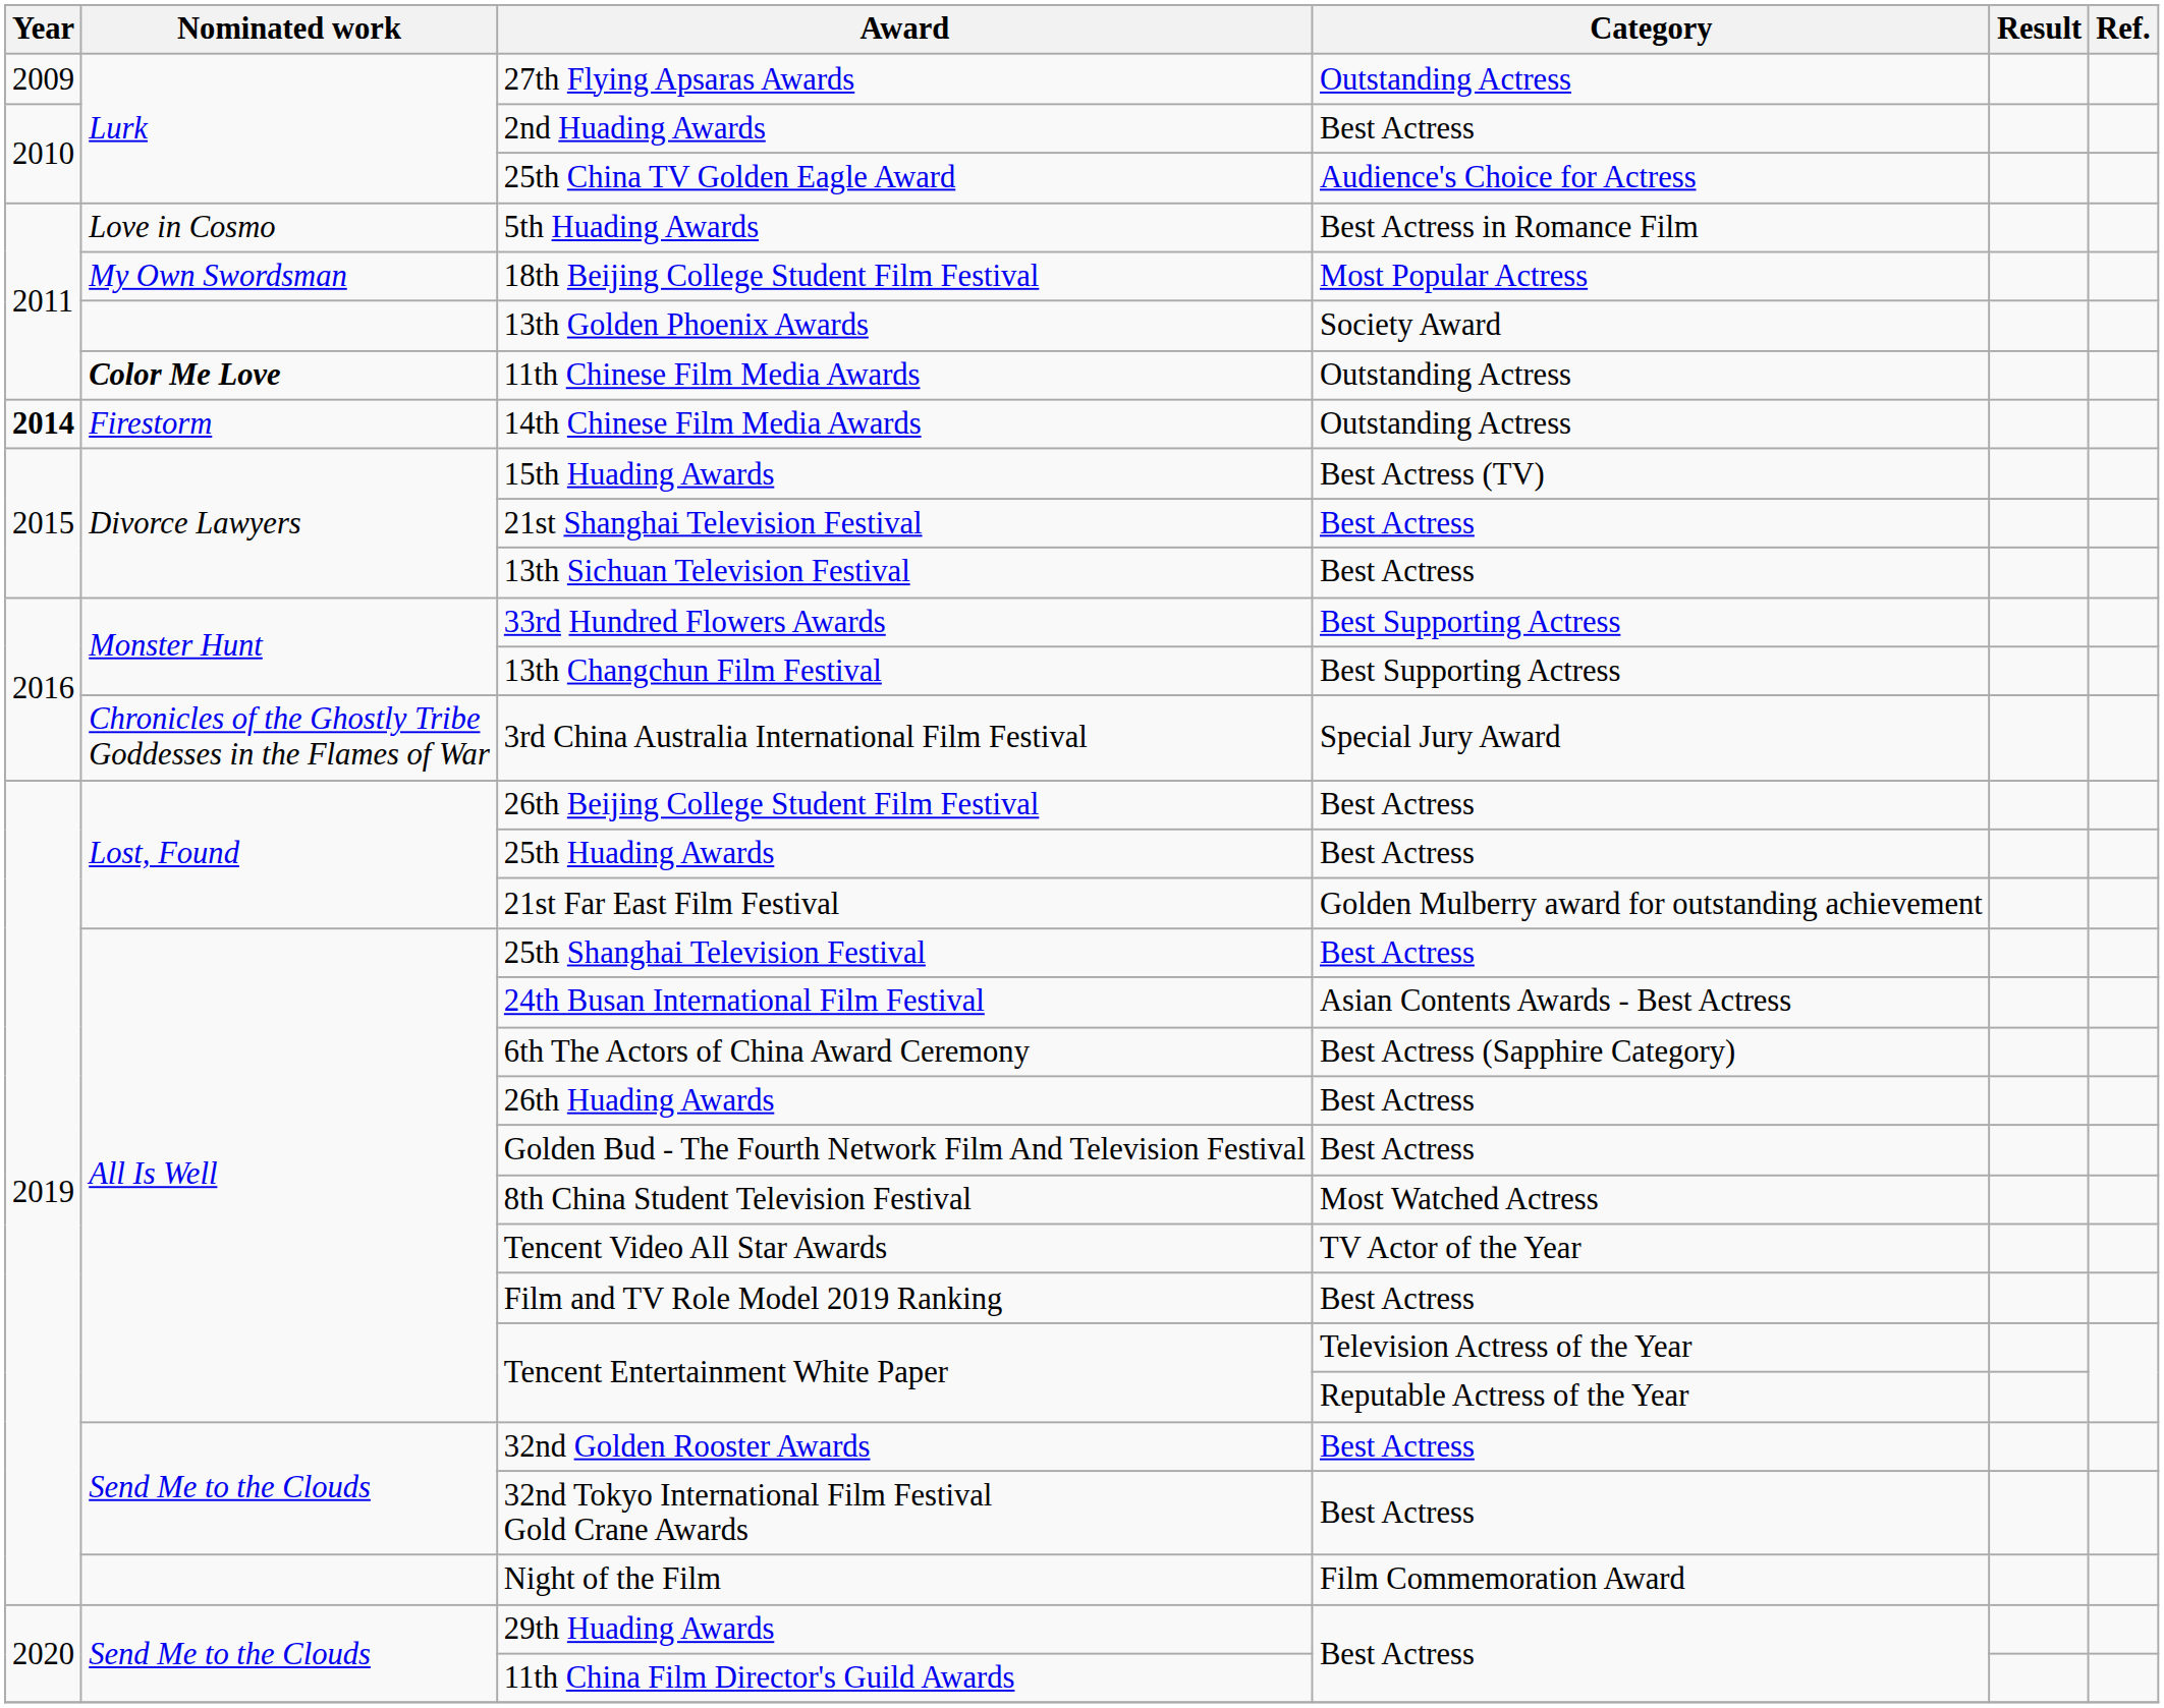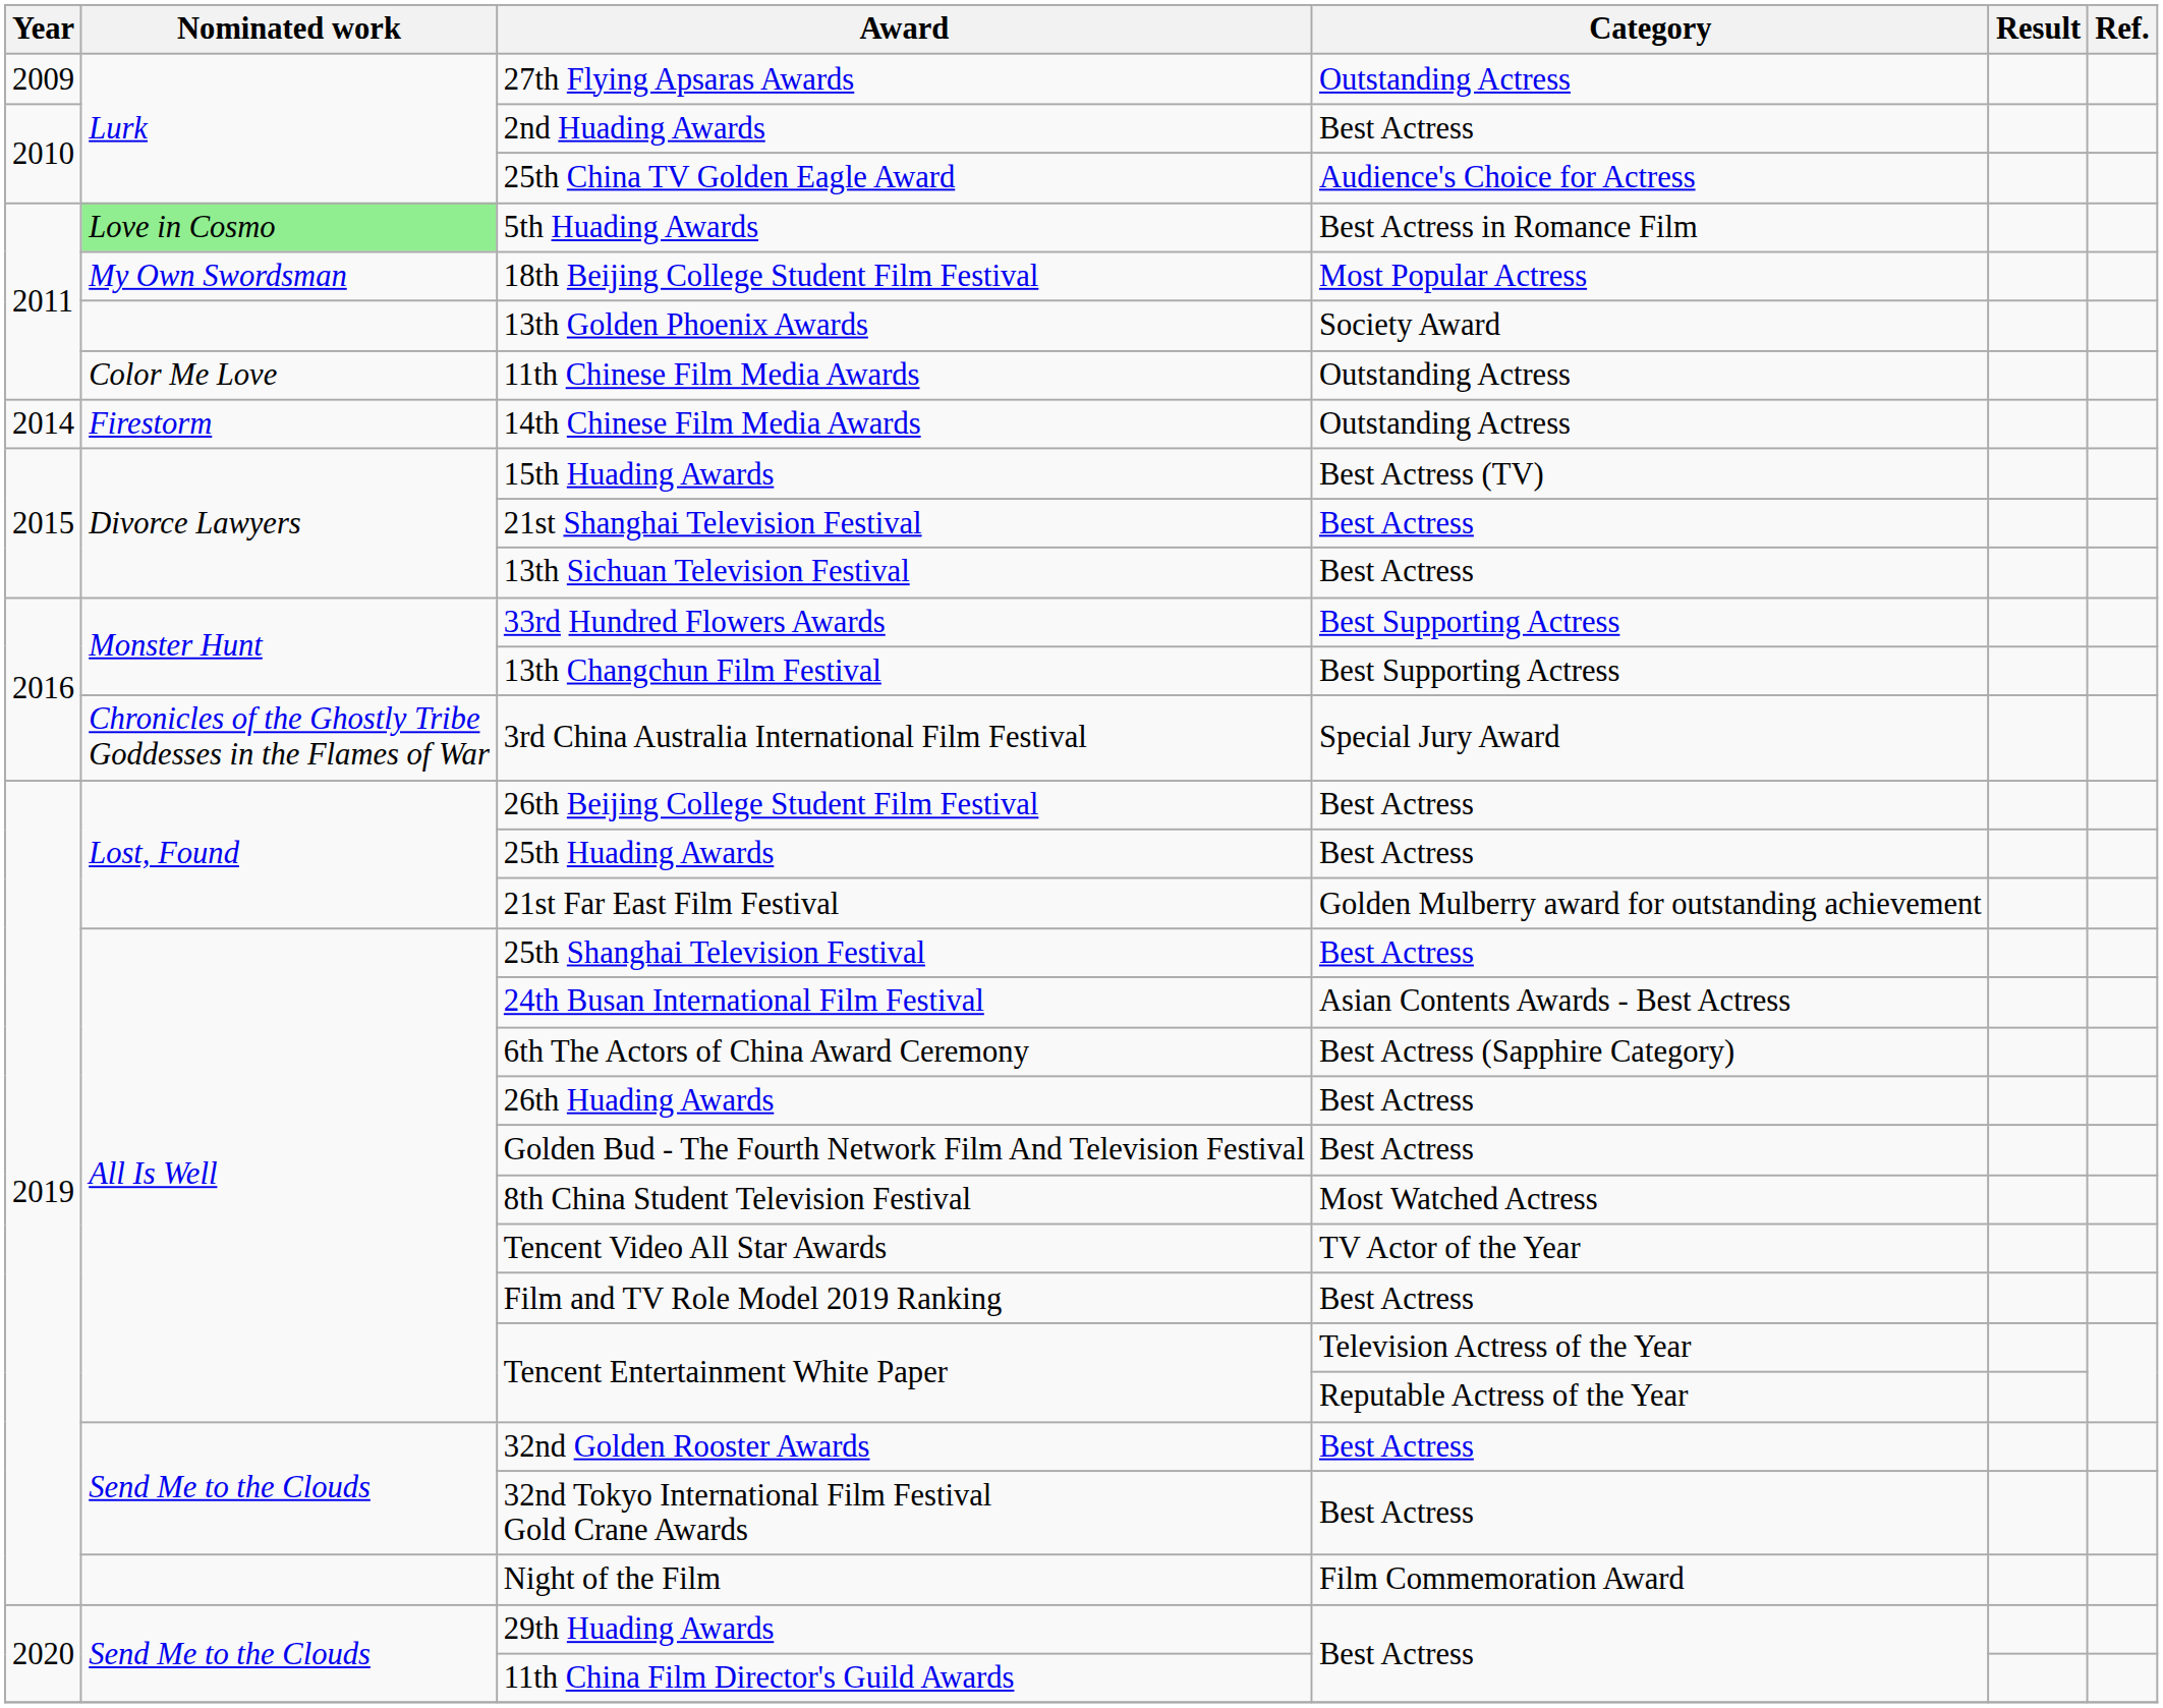 <table class="wikitable sortable">
 <tr>
 <th>Year</th>
 <th>Nominated work</th>
 <th>Award</th>
 <th>Category</th>
 <th>Result</th>
 <th>Ref.</th>
 </tr>
 <tr>
 <td>2009</td>
 <td rowspan=3><em><a href='#'>Lurk</a></em></td>
 <td>27th <a href='#'>Flying Apsaras Awards</a></td>
 <td><a href='#'>Outstanding Actress</a></td>
 <td></td>
 <td></td>
 </tr>
 <tr>
 <td rowspan=2>2010</td>
 <td>2nd <a href='#'>Huading Awards</a></td>
 <td>Best Actress</td>
 <td></td>
 <td></td>
 </tr>
 <tr>
 <td>25th <a href='#'>China TV Golden Eagle Award</a></td>
 <td><a href='#'>Audience's Choice for Actress</a></td>
 <td></td>
 <td></td>
 </tr>
 <tr>
 <td rowspan=4>2011</td>
-<td><em>Love in Cosmo</em></td>
+<td style="background: lightgreen;"><em>Love in Cosmo</em></td>
 <td>5th <a href='#'>Huading Awards</a></td>
 <td>Best Actress in Romance Film</td>
 <td></td>
 <td></td>
 </tr>
 <tr>
 <td><em><a href='#'>My Own Swordsman</a></em></td>
 <td>18th <a href='#'>Beijing College Student Film Festival</a></td>
 <td><a href='#'>Most Popular Actress</a></td>
 <td></td>
 <td></td>
 </tr>
 <tr>
 <td></td>
 <td>13th <a href='#'>Golden Phoenix Awards</a></td>
 <td>Society Award</td>
 <td></td>
 <td></td>
 </tr>
 <tr>
-<td><strong><em>Color Me Love</em></strong></td>
+<td><em>Color Me Love</em></td>
 <td>11th <a href='#'>Chinese Film Media Awards</a></td>
 <td>Outstanding Actress</td>
 <td></td>
 <td></td>
 </tr>
 <tr>
-<td><strong>2014</strong></td>
+<td>2014</td>
 <td><em><a href='#'>Firestorm</a></em></td>
 <td>14th <a href='#'>Chinese Film Media Awards</a></td>
 <td>Outstanding Actress</td>
 <td></td>
 <td></td>
 </tr>
 <tr>
 <td rowspan=3>2015</td>
 <td rowspan=3><em>Divorce Lawyers</em></td>
 <td>15th <a href='#'>Huading Awards</a></td>
 <td>Best Actress (TV)</td>
 <td></td>
 <td></td>
 </tr>
 <tr>
 <td>21st <a href='#'>Shanghai Television Festival</a></td>
 <td><a href='#'>Best Actress</a></td>
 <td></td>
 <td></td>
 </tr>
 <tr>
 <td>13th <a href='#'>Sichuan Television Festival</a></td>
 <td>Best Actress</td>
 <td></td>
 <td></td>
 </tr>
 <tr>
 <td rowspan=3>2016</td>
 <td rowspan=2><em><a href='#'>Monster Hunt</a></em></td>
 <td><a href='#'>33rd</a> <a href='#'>Hundred Flowers Awards</a></td>
 <td><a href='#'>Best Supporting Actress</a></td>
 <td></td>
 <td></td>
 </tr>
 <tr>
 <td>13th <a href='#'>Changchun Film Festival</a></td>
 <td>Best Supporting Actress</td>
 <td></td>
 <td></td>
 </tr>
 <tr>
 <td><em><a href='#'>Chronicles of the Ghostly Tribe</a></em><br> <em>Goddesses in the Flames of War</em></td>
 <td>3rd China Australia International Film Festival</td>
 <td>Special Jury Award</td>
 <td></td>
 <td></td>
 </tr>
 <tr>
 <td rowspan=16>2019</td>
 <td rowspan=3><em><a href='#'>Lost, Found</a></em></td>
 <td>26th <a href='#'>Beijing College Student Film Festival</a></td>
 <td>Best Actress</td>
 <td></td>
 <td></td>
 </tr>
 <tr>
 <td>25th <a href='#'>Huading Awards</a></td>
 <td>Best Actress</td>
 <td></td>
 <td></td>
 </tr>
 <tr>
 <td>21st Far East Film Festival</td>
 <td>Golden Mulberry award for outstanding achievement</td>
 <td></td>
 <td></td>
 </tr>
 <tr>
 <td rowspan=10><em><a href='#'>All Is Well</a></em></td>
 <td>25th <a href='#'>Shanghai Television Festival</a></td>
 <td><a href='#'>Best Actress</a></td>
 <td></td>
 <td></td>
 </tr>
 <tr>
 <td><a href='#'>24th Busan International Film Festival</a></td>
 <td>Asian Contents Awards - Best Actress</td>
 <td></td>
 <td></td>
 </tr>
 <tr>
 <td>6th The Actors of China Award Ceremony</td>
 <td>Best Actress (Sapphire Category)</td>
 <td></td>
 <td></td>
 </tr>
 <tr>
 <td>26th <a href='#'>Huading Awards</a></td>
 <td>Best Actress</td>
 <td></td>
 <td></td>
 </tr>
 <tr>
 <td>Golden Bud - The Fourth Network Film And Television Festival</td>
 <td>Best Actress</td>
 <td></td>
 <td></td>
 </tr>
 <tr>
 <td>8th China Student Television Festival</td>
 <td>Most Watched Actress</td>
 <td></td>
 <td></td>
 </tr>
 <tr>
 <td>Tencent Video All Star Awards</td>
 <td>TV Actor of the Year</td>
 <td></td>
 <td></td>
 </tr>
 <tr>
 <td>Film and TV Role Model 2019 Ranking</td>
 <td>Best Actress</td>
 <td></td>
 <td></td>
 </tr>
 <tr>
 <td rowspan=2>Tencent Entertainment White Paper</td>
 <td>Television Actress of the Year</td>
 <td></td>
 <td rowspan=2></td>
 </tr>
 <tr>
 <td>Reputable Actress of the Year</td>
 <td></td>
 </tr>
 <tr>
 <td rowspan=2><em><a href='#'>Send Me to the Clouds</a></em></td>
 <td>32nd <a href='#'>Golden Rooster Awards</a></td>
 <td><a href='#'>Best Actress</a></td>
 <td></td>
 <td></td>
 </tr>
 <tr>
 <td>32nd Tokyo International Film Festival <br>Gold Crane Awards</td>
 <td>Best Actress</td>
 <td></td>
 <td></td>
 </tr>
 <tr>
 <td></td>
 <td>Night of the Film</td>
 <td>Film Commemoration Award</td>
 <td></td>
 <td></td>
 </tr>
 <tr>
 <td rowspan=2>2020</td>
 <td rowspan=2><em><a href='#'>Send Me to the Clouds</a></em></td>
 <td>29th <a href='#'>Huading Awards</a></td>
 <td rowspan=2>Best Actress</td>
 <td></td>
 <td></td>
 </tr>
 <tr>
 <td>11th <a href='#'>China Film Director's Guild Awards</a></td>
 <td></td>
 <td></td>
 </tr>
 <tr>
 </tr>
 </table>
